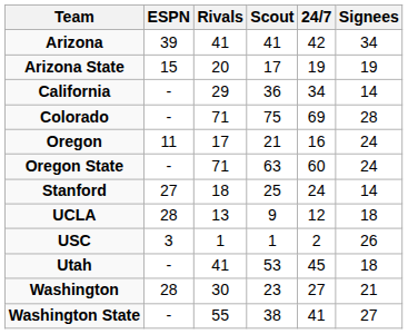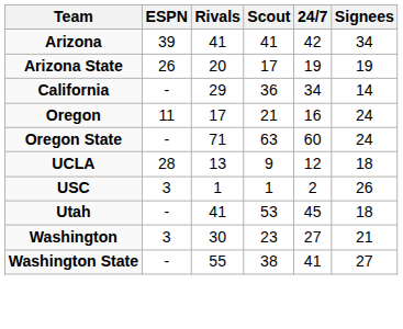 <table class="wikitable">
 <tr>
 <th>Team</th>
 <th>ESPN</th>
 <th>Rivals</th>
 <th>Scout</th>
 <th>24/7</th>
 <th>Signees</th>
 </tr>
 <tr style="text-align:center;">
 <td><strong>Arizona</strong></td>
 <td style="text-align:center; background:white">39</td>
 <td style="text-align:center; background:white">41</td>
 <td style="text-align:center; background:white">41</td>
 <td style="text-align:center; background:white">42</td>
 <td style="text-align:center; background:white">34</td>
 </tr>
 <tr style="text-align:center;">
 <td><strong>Arizona State</strong></td>
-<td style="text-align:center; background:white">15</td>
+<td style="text-align:center; background:white">26</td>
 <td style="text-align:center; background:white">20</td>
 <td style="text-align:center; background:white">17</td>
 <td style="text-align:center; background:white">19</td>
 <td style="text-align:center; background:white">19</td>
 </tr>
 <tr style="text-align:center;">
 <td><strong>California</strong></td>
 <td style="text-align:center; background:white">-</td>
 <td style="text-align:center; background:white">29</td>
 <td style="text-align:center; background:white">36</td>
 <td style="text-align:center; background:white">34</td>
 <td style="text-align:center; background:white">14</td>
-</tr>
-<tr style="text-align:center;">
-<td><strong>Colorado</strong></td>
-<td style="text-align:center; background:white">-</td>
-<td style="text-align:center; background:white">71</td>
-<td style="text-align:center; background:white">75</td>
-<td style="text-align:center; background:white">69</td>
-<td style="text-align:center; background:white">28</td>
 </tr>
 <tr style="text-align:center;">
 <td><strong>Oregon</strong></td>
 <td style="text-align:center; background:white">11</td>
 <td style="text-align:center; background:white">17</td>
 <td style="text-align:center; background:white">21</td>
 <td style="text-align:center; background:white">16</td>
 <td style="text-align:center; background:white">24</td>
 </tr>
 <tr style="text-align:center;">
 <td><strong>Oregon State</strong></td>
 <td style="text-align:center; background:white">-</td>
 <td style="text-align:center; background:white">71</td>
 <td style="text-align:center; background:white">63</td>
 <td style="text-align:center; background:white">60</td>
 <td style="text-align:center; background:white">24</td>
-</tr>
-<tr style="text-align:center;">
-<td><strong>Stanford</strong></td>
-<td style="text-align:center; background:white">27</td>
-<td style="text-align:center; background:white">18</td>
-<td style="text-align:center; background:white">25</td>
-<td style="text-align:center; background:white">24</td>
-<td style="text-align:center; background:white">14</td>
 </tr>
 <tr style="text-align:center;">
 <td><strong>UCLA</strong></td>
 <td style="text-align:center; background:white">28</td>
 <td style="text-align:center; background:white">13</td>
 <td style="text-align:center; background:white">9</td>
 <td style="text-align:center; background:white">12</td>
 <td style="text-align:center; background:white">18</td>
 </tr>
 <tr style="text-align:center;">
 <td><strong>USC</strong></td>
 <td style="text-align:center; background:white">3</td>
 <td style="text-align:center; background:white">1</td>
 <td style="text-align:center; background:white">1</td>
 <td style="text-align:center; background:white">2</td>
 <td style="text-align:center; background:white">26</td>
 </tr>
 <tr style="text-align:center;">
 <td><strong>Utah</strong></td>
 <td style="text-align:center; background:white">-</td>
 <td style="text-align:center; background:white">41</td>
 <td style="text-align:center; background:white">53</td>
 <td style="text-align:center; background:white">45</td>
 <td style="text-align:center; background:white">18</td>
 </tr>
 <tr style="text-align:center;">
 <td><strong>Washington</strong></td>
-<td style="text-align:center; background:white">28</td>
+<td style="text-align:center; background:white">3</td>
 <td style="text-align:center; background:white">30</td>
 <td style="text-align:center; background:white">23</td>
 <td style="text-align:center; background:white">27</td>
 <td style="text-align:center; background:white">21</td>
 </tr>
 <tr style="text-align:center;">
 <td><strong>Washington State</strong></td>
 <td style="text-align:center; background:white">-</td>
 <td style="text-align:center; background:white">55</td>
 <td style="text-align:center; background:white">38</td>
 <td style="text-align:center; background:white">41</td>
 <td style="text-align:center; background:white">27</td>
 </tr>
 </table>
